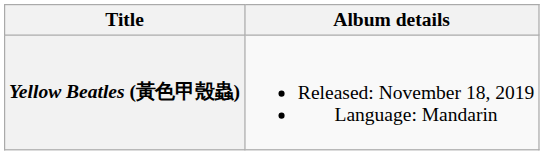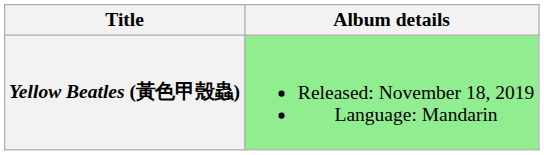 <table class="wikitable plainrowheaders" style="text-align:center;">
 <tr>
 <th scope="col">Title</th>
 <th scope="col">Album details</th>
 </tr>
 <tr>
 <th scope=row><em>Yellow Beatles</em> (黃色甲殼蟲)</th>
-<td><br><ul><li>Released: November 18, 2019</li><li>Language: Mandarin</li></ul></td>
+<td style="background: lightgreen;"><br><ul><li>Released: November 18, 2019</li><li>Language: Mandarin</li></ul></td>
 </tr>
 </table>
